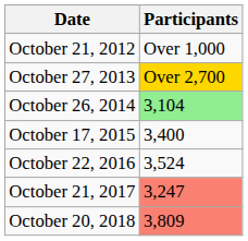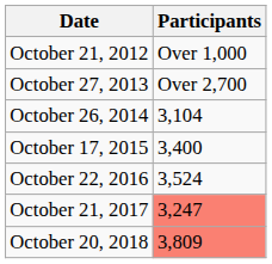 <table class="wikitable">
 <tr>
 <th>Date</th>
 <th>Participants</th>
 </tr>
 <tr>
 <td>October 21, 2012</td>
 <td>Over 1,000</td>
 </tr>
 <tr>
 <td>October 27, 2013</td>
-<td style="background: gold;">Over 2,700</td>
+<td>Over 2,700</td>
 </tr>
 <tr>
 <td>October 26, 2014</td>
-<td style="background: lightgreen;">3,104</td>
+<td>3,104</td>
 </tr>
 <tr>
 <td>October 17, 2015</td>
 <td>3,400</td>
 </tr>
 <tr>
 <td>October 22, 2016</td>
 <td>3,524</td>
 </tr>
 <tr>
 <td>October 21, 2017</td>
 <td style="background-color:#fa8072;">3,247</td>
 </tr>
 <tr>
 <td>October 20, 2018</td>
 <td style="background-color:#fa8072;">3,809</td>
 </tr>
 </table>
